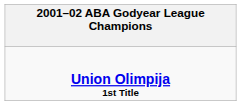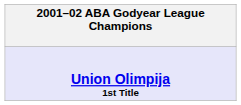 <table class="wikitable" style="margin: 0 auto; width: 30%;">
 <tr>
 <th><big>2001–02 ABA Godyear League Champions</big><br><br></th>
 </tr>
 <tr>
-<td align=center><br><br><big><big><strong><a href='#'>Union Olimpija</a></strong><br></big></big><strong>1st Title</strong></td>
+<td align=center style="background: lavender;"><br><br><big><big><strong><a href='#'>Union Olimpija</a></strong><br></big></big><strong>1st Title</strong></td>
 </tr>
 </table>
